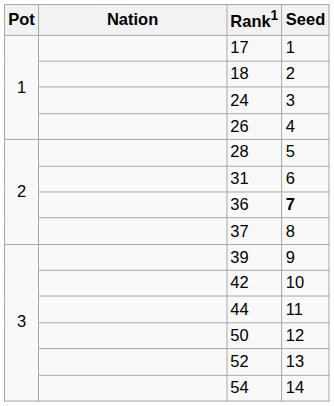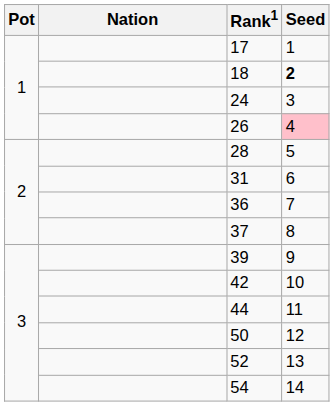 <table class="wikitable">
 <tr>
 <th>Pot</th>
 <th width="175">Nation</th>
 <th>Rank<sup>1</sup></th>
 <th>Seed</th>
 </tr>
 <tr>
 <td rowspan=4 style="text-align: center;">1</td>
 <td></td>
 <td>17</td>
 <td>1</td>
 </tr>
 <tr>
 <td></td>
 <td>18</td>
-<td>2</td>
+<td><strong>2</strong></td>
 </tr>
 <tr>
 <td></td>
 <td>24</td>
 <td>3</td>
 </tr>
 <tr>
 <td></td>
 <td>26</td>
-<td>4</td>
+<td style="background: pink;">4</td>
 </tr>
 <tr>
 <td rowspan=4 style="text-align: center;">2</td>
 <td></td>
 <td>28</td>
 <td>5</td>
 </tr>
 <tr>
 <td></td>
 <td>31</td>
 <td>6</td>
 </tr>
 <tr>
 <td></td>
 <td>36</td>
-<td><strong>7</strong></td>
+<td>7</td>
 </tr>
 <tr>
 <td></td>
 <td>37</td>
 <td>8</td>
 </tr>
 <tr>
 <td rowspan=6 style="text-align: center;">3</td>
 <td></td>
 <td>39</td>
 <td>9</td>
 </tr>
 <tr>
 <td></td>
 <td>42</td>
 <td>10</td>
 </tr>
 <tr>
 <td></td>
 <td>44</td>
 <td>11</td>
 </tr>
 <tr>
 <td></td>
 <td>50</td>
 <td>12</td>
 </tr>
 <tr>
 <td></td>
 <td>52</td>
 <td>13</td>
 </tr>
 <tr>
 <td></td>
 <td>54</td>
 <td>14</td>
 </tr>
 </table>
